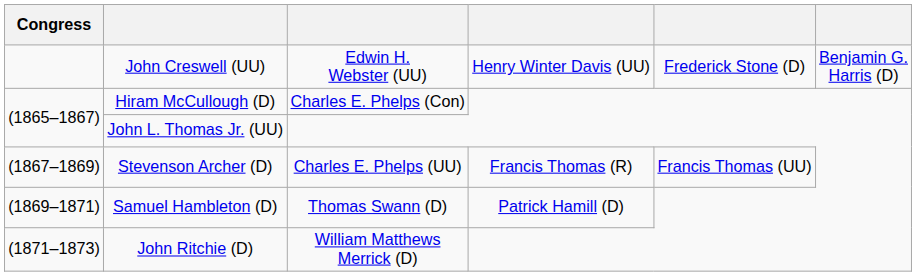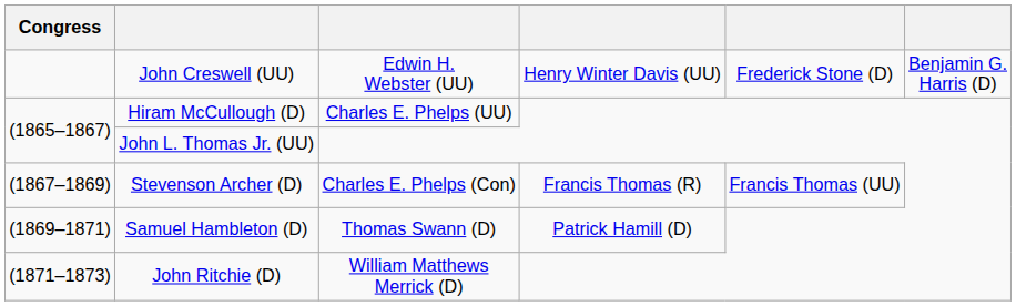 <table class=wikitable style="text-align:center">
 <tr style="height:2.5em">
 <th>Congress</th>
 <th></th>
 <th></th>
 <th></th>
 <th></th>
 <th></th>
 </tr>
 <tr style="height:2.5em">
 <td><strong></strong> </td>
 <td><a href='#'>John Creswell</a> (UU)</td>
 <td><a href='#'>Edwin H.<br>Webster</a> (UU)</td>
 <td><a href='#'>Henry Winter Davis</a> (UU)</td>
 <td><a href='#'>Frederick Stone</a> (D)</td>
 <td><a href='#'>Benjamin G.<br>Harris</a> (D)</td>
 </tr>
 <tr style="height:1.5em">
 <td rowspan=2><strong></strong> (1865–1867)</td>
 <td><a href='#'>Hiram McCullough</a> (D)</td>
-<td><a href='#'>Charles E. Phelps</a> (Con)</td>
+<td><a href='#'>Charles E. Phelps</a> (UU)</td>
 </tr>
 <tr style="height:2em">
 <td><a href='#'>John L. Thomas Jr.</a> (UU)</td>
 </tr>
 <tr style="height:2.5em">
 <td><strong></strong> (1867–1869)</td>
 <td><a href='#'>Stevenson Archer</a> (D)</td>
-<td><a href='#'>Charles E. Phelps</a> (UU)</td>
+<td><a href='#'>Charles E. Phelps</a> (Con)</td>
 <td><a href='#'>Francis Thomas</a> (R)</td>
 <td><a href='#'>Francis Thomas</a> (UU)</td>
 </tr>
 <tr style="height:2.5em">
 <td><strong></strong> (1869–1871)</td>
 <td><a href='#'>Samuel Hambleton</a> (D)</td>
 <td><a href='#'>Thomas Swann</a> (D)</td>
 <td><a href='#'>Patrick Hamill</a> (D)</td>
 </tr>
 <tr style="height:2.5em">
 <td><strong></strong> (1871–1873)</td>
 <td><a href='#'>John Ritchie</a> (D)</td>
 <td><a href='#'>William Matthews<br>Merrick</a> (D)</td>
 </tr>
 </table>
